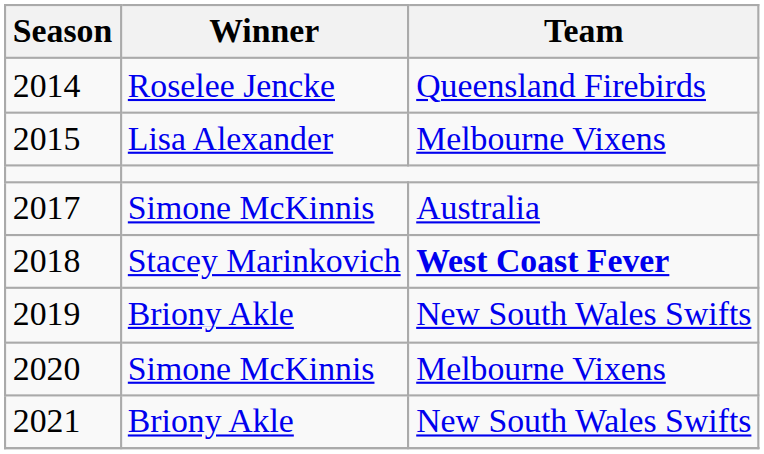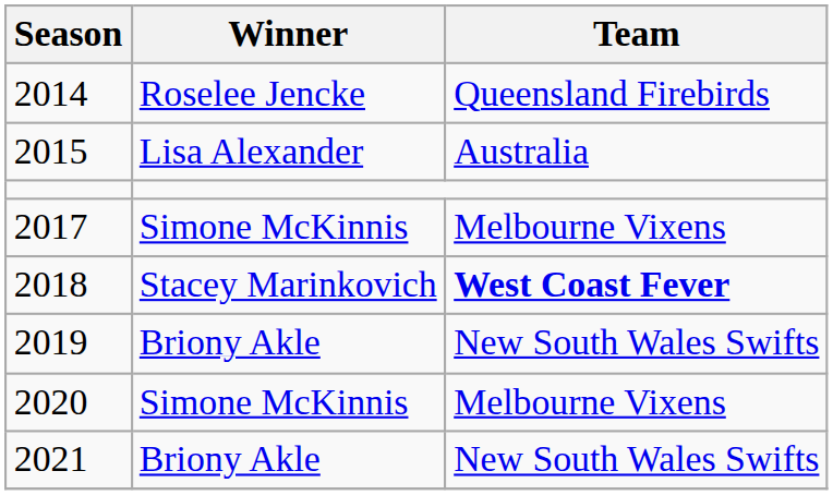 <table class="wikitable collapsible">
 <tr>
 <th>Season</th>
 <th>Winner</th>
 <th>Team</th>
 </tr>
 <tr>
 <td>2014 </td>
 <td><a href='#'>Roselee Jencke</a></td>
 <td><a href='#'>Queensland Firebirds</a></td>
 </tr>
 <tr>
 <td>2015 </td>
 <td><a href='#'>Lisa Alexander</a></td>
-<td><a href='#'>Melbourne Vixens</a></td>
+<td><a href='#'>Australia</a></td>
 </tr>
 <tr>
 <td></td>
 </tr>
 <tr>
 <td>2017 </td>
 <td><a href='#'>Simone McKinnis</a></td>
-<td><a href='#'>Australia</a></td>
+<td><a href='#'>Melbourne Vixens</a></td>
 </tr>
 <tr>
 <td>2018 </td>
 <td><a href='#'>Stacey Marinkovich</a></td>
 <td><strong><a href='#'>West Coast Fever</a></strong></td>
 </tr>
 <tr>
 <td>2019 </td>
 <td><a href='#'>Briony Akle</a></td>
 <td><a href='#'>New South Wales Swifts</a></td>
 </tr>
 <tr>
 <td>2020 </td>
 <td><a href='#'>Simone McKinnis</a></td>
 <td><a href='#'>Melbourne Vixens</a></td>
 </tr>
 <tr>
 <td>2021</td>
 <td><a href='#'>Briony Akle</a></td>
 <td><a href='#'>New South Wales Swifts</a></td>
 </tr>
 <tr>
 </tr>
 </table>
